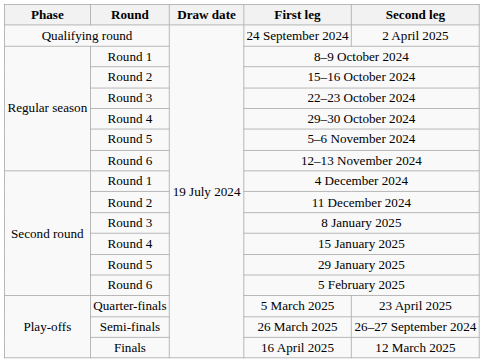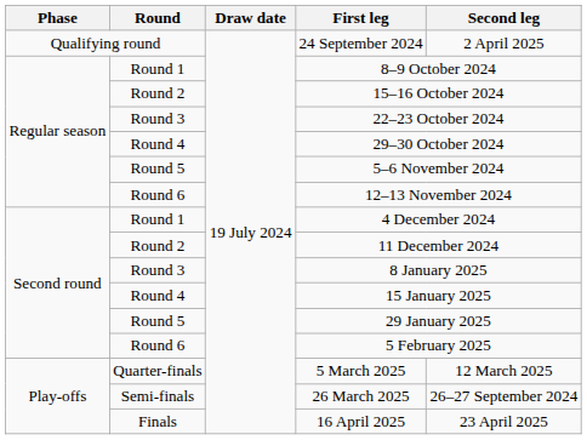 <table class="wikitable" style="text-align:center">
 <tr>
 <th>Phase</th>
 <th>Round</th>
 <th>Draw date</th>
 <th>First leg</th>
 <th>Second leg</th>
 </tr>
 <tr>
 <td colspan="2">Qualifying round</td>
 <td rowspan="16">19 July 2024</td>
 <td>24 September 2024</td>
 <td>2 April 2025</td>
 </tr>
 <tr>
 <td rowspan="6">Regular season</td>
 <td>Round 1</td>
 <td colspan="2">8–9 October 2024</td>
 </tr>
 <tr>
 <td>Round 2</td>
 <td colspan="2">15–16 October 2024</td>
 </tr>
 <tr>
 <td>Round 3</td>
 <td colspan="2">22–23 October 2024</td>
 </tr>
 <tr>
 <td>Round 4</td>
 <td colspan="2">29–30 October 2024</td>
 </tr>
 <tr>
 <td>Round 5</td>
 <td colspan="2">5–6 November 2024</td>
 </tr>
 <tr>
 <td>Round 6</td>
 <td colspan="2">12–13 November 2024</td>
 </tr>
 <tr>
 <td rowspan="6">Second round</td>
 <td>Round 1</td>
 <td colspan="2">4 December 2024</td>
 </tr>
 <tr>
 <td>Round 2</td>
 <td colspan="2">11 December 2024</td>
 </tr>
 <tr>
 <td>Round 3</td>
 <td colspan="2">8 January 2025</td>
 </tr>
 <tr>
 <td>Round 4</td>
 <td colspan="2">15 January 2025</td>
 </tr>
 <tr>
 <td>Round 5</td>
 <td colspan="2">29 January 2025</td>
 </tr>
 <tr>
 <td>Round 6</td>
 <td colspan="2">5 February 2025</td>
 </tr>
 <tr>
 <td rowspan="3">Play-offs</td>
 <td>Quarter-finals</td>
 <td>5 March 2025</td>
-<td>23 April 2025</td>
+<td>12 March 2025</td>
 </tr>
 <tr>
 <td>Semi-finals</td>
 <td>26 March 2025</td>
 <td>26–27 September 2024</td>
 </tr>
 <tr>
 <td>Finals</td>
 <td>16 April 2025</td>
-<td>12 March 2025</td>
+<td>23 April 2025</td>
 </tr>
 </table>
